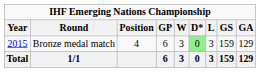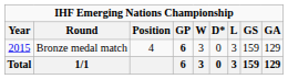 <table class="wikitable" style="text-align: center;">
 <tr>
 <td colspan=9><strong>IHF Emerging Nations Championship</strong></td>
 </tr>
 <tr>
 <th>Year</th>
 <th>Round</th>
 <th>Position</th>
 <th>GP</th>
 <th>W</th>
 <th>D*</th>
 <th>L</th>
 <th>GS</th>
 <th>GA</th>
 </tr>
 <tr>
 <td> <a href='#'>2015</a></td>
 <td>Bronze medal match</td>
 <td>4</td>
-<td>6</td>
+<td><strong>6</strong></td>
 <td>3</td>
-<td style="background: lightgreen;">0</td>
+<td>0</td>
 <td>3</td>
 <td>159</td>
 <td>129</td>
 </tr>
 <tr>
 <th>Total</th>
 <th>1/1</th>
 <th></th>
 <th>6</th>
 <th>3</th>
 <th>0</th>
 <th>3</th>
 <th>159</th>
 <th>129</th>
 </tr>
 </table>
